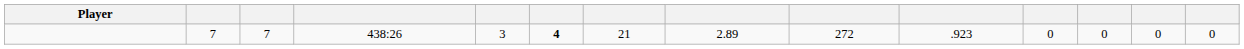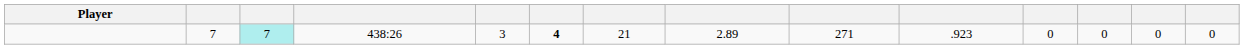 <table class="wikitable sortable" style="width:100%;">
 <tr style="text-align:center; background:#ddd;">
 <th>Player</th>
 <th></th>
 <th></th>
 <th></th>
 <th></th>
 <th></th>
 <th></th>
 <th></th>
 <th></th>
 <th></th>
 <th></th>
 <th></th>
 <th></th>
 <th></th>
 </tr>
 <tr align=center>
 <td></td>
 <td>7</td>
-<td>7</td>
+<td style="background: paleturquoise;">7</td>
 <td>438:26</td>
 <td>3</td>
 <td><strong>4</strong></td>
 <td>21</td>
 <td>2.89</td>
-<td>272</td>
+<td>271</td>
 <td>.923</td>
 <td>0</td>
 <td>0</td>
 <td>0</td>
 <td>0</td>
 </tr>
 </table>
